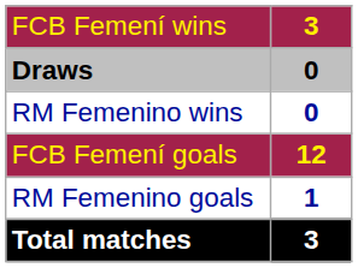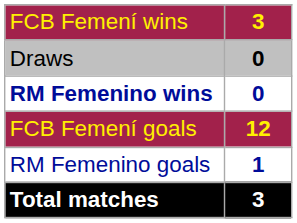 <table class="wikitable">
 <tr style="color:#fff000;">
 <td style="background:#A2214B">FCB Femení wins</td>
 <td style="color:#fff000; background:#A2214B; text-align: center;"><strong>3</strong></td>
 </tr>
 <tr style="color:#000; background:silver;">
-<td><strong>Draws</strong></td>
+<td>Draws</td>
 <td style="color:#000; background:silver; text-align:center;"><strong>0</strong></td>
 </tr>
 <tr style="color:#000c99; background:#fff;">
-<td style="width:150px;">RM Femenino wins</td>
+<td style="width:150px;"><strong>RM Femenino wins</strong></td>
 <td style="color:#000c99; background:#fff; text-align:center; width:40px;"><strong>0</strong></td>
 </tr>
 <tr style="color:#fff000;">
 <td style="background:#A2214B">FCB Femení goals</td>
 <td style="color:#fff000; background:#A2214B; text-align: center;"><strong>12</strong></td>
 </tr>
 <tr style="color:#000c99; background:#fff;">
 <td style="width:150px;">RM Femenino goals</td>
 <td style="color:#000c99; background:#fff; text-align:center;"><strong>1</strong></td>
 </tr>
 <tr style="color:#fff; background:#000;">
 <td><strong>Total matches</strong></td>
 <td style="color:#fff; background:#000; text-align:center;"><strong>3</strong></td>
 </tr>
 </table>
